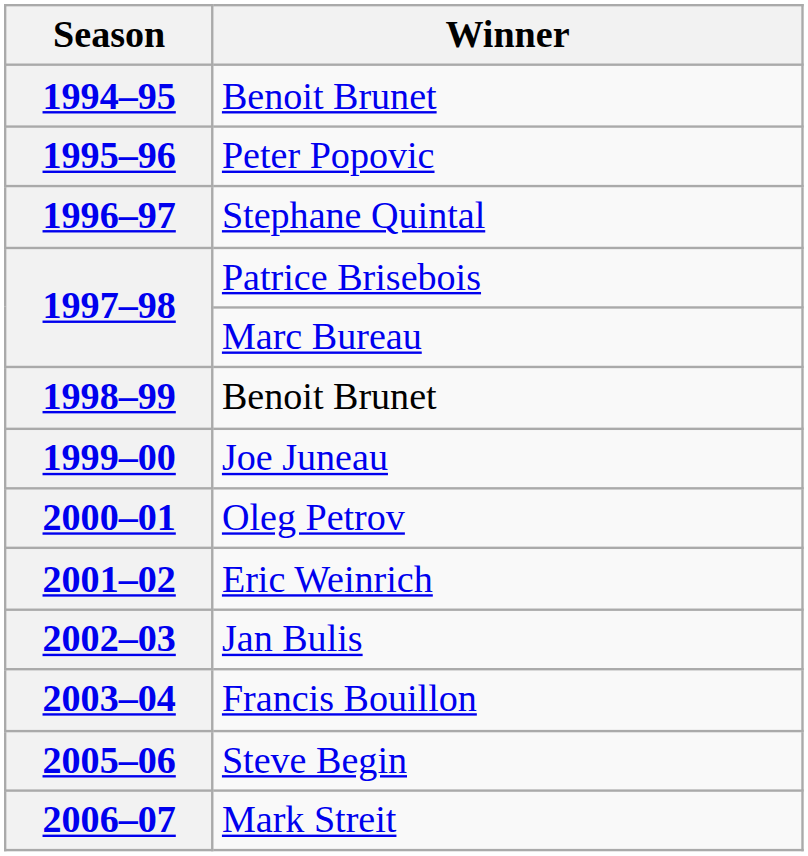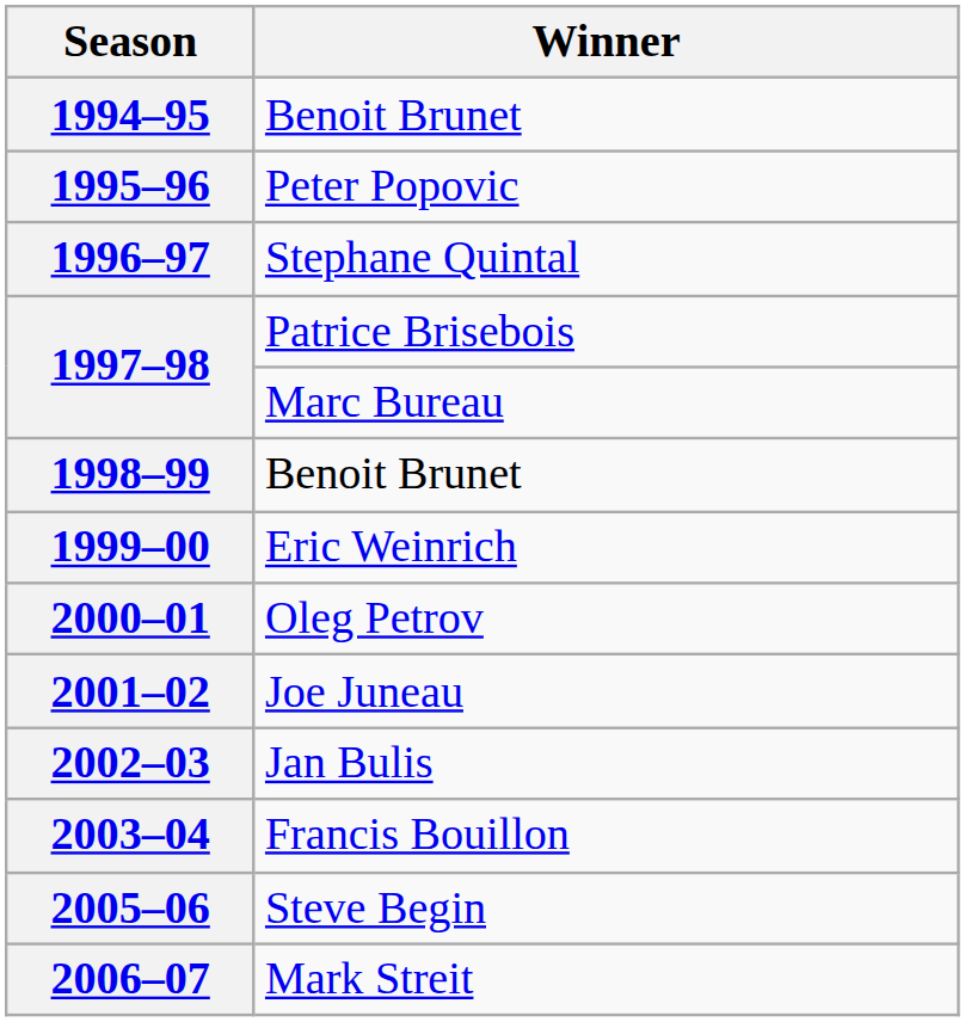 <table class="wikitable">
 <tr>
 <th scope="col" style="width:5em">Season</th>
 <th scope="col" style="width:15em">Winner</th>
 </tr>
 <tr>
 <th scope="row"><a href='#'>1994–95</a></th>
 <td><a href='#'>Benoit Brunet</a></td>
 </tr>
 <tr>
 <th scope="row"><a href='#'>1995–96</a></th>
 <td><a href='#'>Peter Popovic</a></td>
 </tr>
 <tr>
 <th scope="row"><a href='#'>1996–97</a></th>
 <td><a href='#'>Stephane Quintal</a></td>
 </tr>
 <tr>
 <th scope="row" rowspan="2"><a href='#'>1997–98</a></th>
 <td><a href='#'>Patrice Brisebois</a></td>
 </tr>
 <tr>
 <td><a href='#'>Marc Bureau</a></td>
 </tr>
 <tr>
 <th scope="row"><a href='#'>1998–99</a></th>
 <td>Benoit Brunet</td>
 </tr>
 <tr>
 <th scope="row"><a href='#'>1999–00</a></th>
-<td><a href='#'>Joe Juneau</a></td>
+<td><a href='#'>Eric Weinrich</a></td>
 </tr>
 <tr>
 <th scope="row"><a href='#'>2000–01</a></th>
 <td><a href='#'>Oleg Petrov</a></td>
 </tr>
 <tr>
 <th scope="row"><a href='#'>2001–02</a></th>
-<td><a href='#'>Eric Weinrich</a></td>
+<td><a href='#'>Joe Juneau</a></td>
 </tr>
 <tr>
 <th scope="row"><a href='#'>2002–03</a></th>
 <td><a href='#'>Jan Bulis</a></td>
 </tr>
 <tr>
 <th scope="row"><a href='#'>2003–04</a></th>
 <td><a href='#'>Francis Bouillon</a></td>
 </tr>
 <tr>
 <th scope="row"><a href='#'>2005–06</a></th>
 <td><a href='#'>Steve Begin</a></td>
 </tr>
 <tr>
 <th scope="row"><a href='#'>2006–07</a></th>
 <td><a href='#'>Mark Streit</a></td>
 </tr>
 </table>
